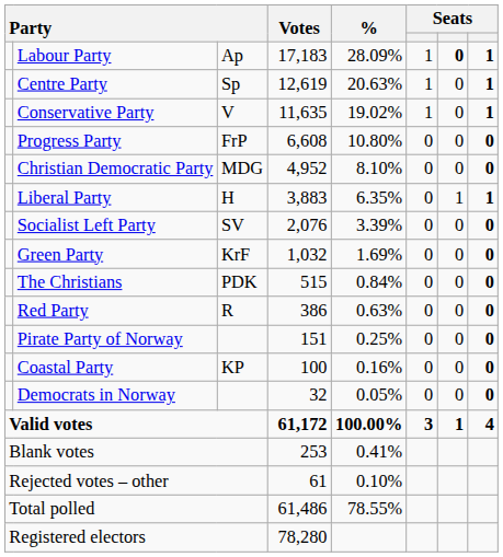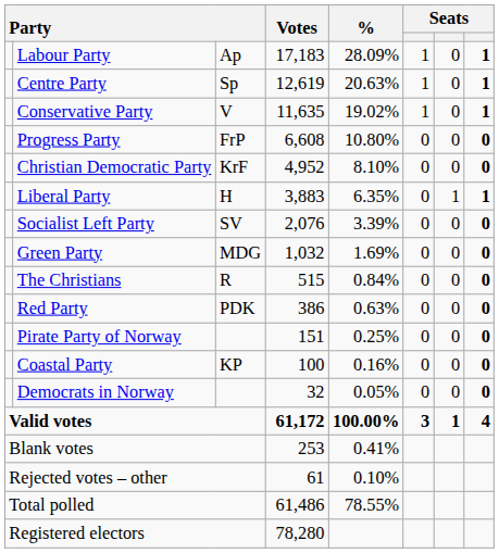 <table class="wikitable" border="1" style="text-align:right;">
 <tr>
 <th style="text-align:left;" valign=bottom rowspan=2 colspan=3>Party</th>
 <th align=center valign=bottom rowspan=2 width="50">Votes</th>
 <th align=center valign=bottom rowspan=2 width="50">%</th>
 <th colspan=3>Seats</th>
 </tr>
 <tr>
 <th align=center valign=bottom width="20"><small></small></th>
 <th align=center valign=bottom width="20"><small><a href='#'></a></small></th>
 <th align=center valign=bottom width="20"><small></small></th>
 </tr>
 <tr>
 <td style="color:inherit;background:"></td>
 <td align=left><a href='#'>Labour Party</a></td>
 <td align=left>Ap</td>
 <td>17,183</td>
 <td>28.09%</td>
 <td>1</td>
-<td><strong>0</strong></td>
+<td>0</td>
 <td><strong>1</strong></td>
 </tr>
 <tr>
 <td style="color:inherit;background:"></td>
 <td align=left><a href='#'>Centre Party</a></td>
 <td align=left>Sp</td>
 <td>12,619</td>
 <td>20.63%</td>
 <td>1</td>
 <td>0</td>
 <td><strong>1</strong></td>
 </tr>
 <tr>
 <td style="color:inherit;background:"></td>
 <td align=left><a href='#'>Conservative Party</a></td>
 <td align=left>V</td>
 <td>11,635</td>
 <td>19.02%</td>
 <td>1</td>
 <td>0</td>
 <td><strong>1</strong></td>
 </tr>
 <tr>
 <td style="color:inherit;background:"></td>
 <td align=left><a href='#'>Progress Party</a></td>
 <td align=left>FrP</td>
 <td>6,608</td>
 <td>10.80%</td>
 <td>0</td>
 <td>0</td>
 <td><strong>0</strong></td>
 </tr>
 <tr>
 <td style="color:inherit;background:"></td>
 <td align=left><a href='#'>Christian Democratic Party</a></td>
-<td align=left>MDG</td>
+<td align=left>KrF</td>
 <td>4,952</td>
 <td>8.10%</td>
 <td>0</td>
 <td>0</td>
 <td><strong>0</strong></td>
 </tr>
 <tr>
 <td style="color:inherit;background:"></td>
 <td align=left><a href='#'>Liberal Party</a></td>
 <td align=left>H</td>
 <td>3,883</td>
 <td>6.35%</td>
 <td>0</td>
 <td>1</td>
 <td><strong>1</strong></td>
 </tr>
 <tr>
 <td style="color:inherit;background:"></td>
 <td align=left><a href='#'>Socialist Left Party</a></td>
 <td align=left>SV</td>
 <td>2,076</td>
 <td>3.39%</td>
 <td>0</td>
 <td>0</td>
 <td><strong>0</strong></td>
 </tr>
 <tr>
 <td style="color:inherit;background:"></td>
 <td align=left><a href='#'>Green Party</a></td>
-<td align=left>KrF</td>
+<td align=left>MDG</td>
 <td>1,032</td>
 <td>1.69%</td>
 <td>0</td>
 <td>0</td>
 <td><strong>0</strong></td>
 </tr>
 <tr>
 <td style="color:inherit;background:"></td>
 <td align=left><a href='#'>The Christians</a></td>
-<td align=left>PDK</td>
+<td align=left>R</td>
 <td>515</td>
 <td>0.84%</td>
 <td>0</td>
 <td>0</td>
 <td><strong>0</strong></td>
 </tr>
 <tr>
 <td style="color:inherit;background:"></td>
 <td align=left><a href='#'>Red Party</a></td>
-<td align=left>R</td>
+<td align=left>PDK</td>
 <td>386</td>
 <td>0.63%</td>
 <td>0</td>
 <td>0</td>
 <td><strong>0</strong></td>
 </tr>
 <tr>
 <td style="color:inherit;background:"></td>
 <td align=left><a href='#'>Pirate Party of Norway</a></td>
 <td align=left></td>
 <td>151</td>
 <td>0.25%</td>
 <td>0</td>
 <td>0</td>
 <td><strong>0</strong></td>
 </tr>
 <tr>
 <td style="color:inherit;background:"></td>
 <td align=left><a href='#'>Coastal Party</a></td>
 <td align=left>KP</td>
 <td>100</td>
 <td>0.16%</td>
 <td>0</td>
 <td>0</td>
 <td><strong>0</strong></td>
 </tr>
 <tr>
 <td style="color:inherit;background:"></td>
 <td align=left><a href='#'>Democrats in Norway</a></td>
 <td align=left></td>
 <td>32</td>
 <td>0.05%</td>
 <td>0</td>
 <td>0</td>
 <td><strong>0</strong></td>
 </tr>
 <tr style="font-weight:bold">
 <td align=left colspan=3>Valid votes</td>
 <td>61,172</td>
 <td>100.00%</td>
 <td>3</td>
 <td>1</td>
 <td>4</td>
 </tr>
 <tr>
 <td align=left colspan=3>Blank votes</td>
 <td>253</td>
 <td>0.41%</td>
 <td></td>
 <td></td>
 <td></td>
 </tr>
 <tr>
 <td align=left colspan=3>Rejected votes – other</td>
 <td>61</td>
 <td>0.10%</td>
 <td></td>
 <td></td>
 <td></td>
 </tr>
 <tr>
 <td align=left colspan=3>Total polled</td>
 <td>61,486</td>
 <td>78.55%</td>
 <td></td>
 <td></td>
 <td></td>
 </tr>
 <tr>
 <td align=left colspan=3>Registered electors</td>
 <td>78,280</td>
 <td></td>
 <td></td>
 <td></td>
 <td></td>
 </tr>
 </table>
